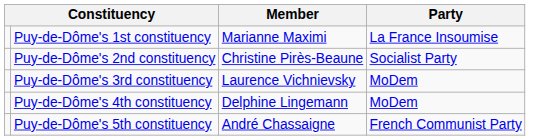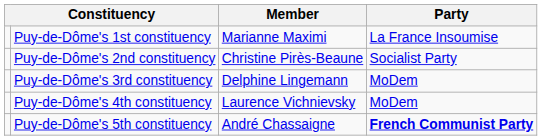 <table class="wikitable">
 <tr>
 <th colspan="2">Constituency</th>
 <th>Member</th>
 <th>Party</th>
 </tr>
 <tr>
 <td style="background-color: "></td>
 <td><a href='#'>Puy-de-Dôme's 1st constituency</a></td>
 <td><a href='#'>Marianne Maximi</a></td>
 <td><a href='#'>La France Insoumise</a></td>
 </tr>
 <tr>
 <td style="background-color: "></td>
 <td><a href='#'>Puy-de-Dôme's 2nd constituency</a></td>
 <td><a href='#'>Christine Pirès-Beaune</a></td>
 <td><a href='#'>Socialist Party</a></td>
 </tr>
 <tr>
 <td style="background-color: "></td>
 <td><a href='#'>Puy-de-Dôme's 3rd constituency</a></td>
-<td><a href='#'>Laurence Vichnievsky</a></td>
+<td><a href='#'>Delphine Lingemann</a></td>
 <td><a href='#'>MoDem</a></td>
 </tr>
 <tr>
 <td style="background-color: "></td>
 <td><a href='#'>Puy-de-Dôme's 4th constituency</a></td>
-<td><a href='#'>Delphine Lingemann</a></td>
+<td><a href='#'>Laurence Vichnievsky</a></td>
 <td><a href='#'>MoDem</a></td>
 </tr>
 <tr>
 <td style="background-color: "></td>
 <td><a href='#'>Puy-de-Dôme's 5th constituency</a></td>
 <td><a href='#'>André Chassaigne</a></td>
-<td><a href='#'>French Communist Party</a></td>
+<td><strong><a href='#'>French Communist Party</a></strong></td>
 </tr>
 </table>
